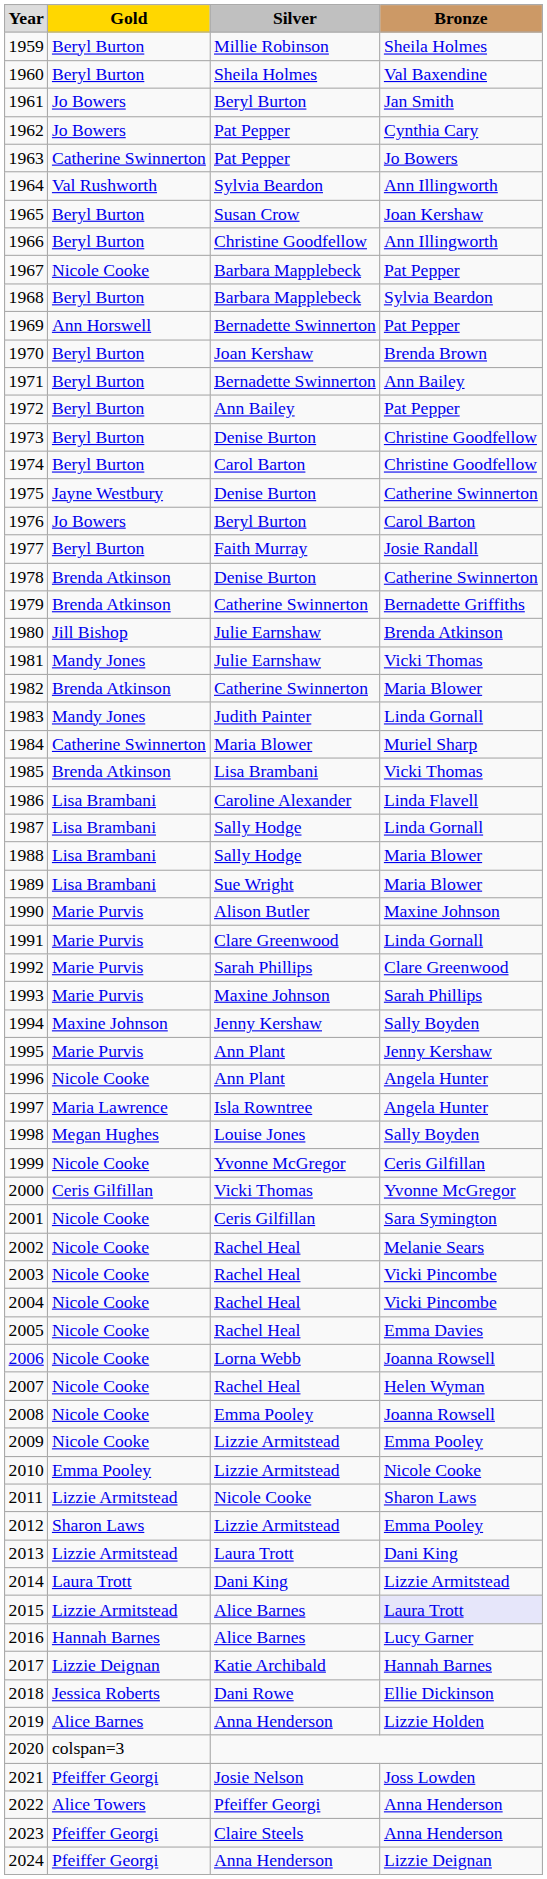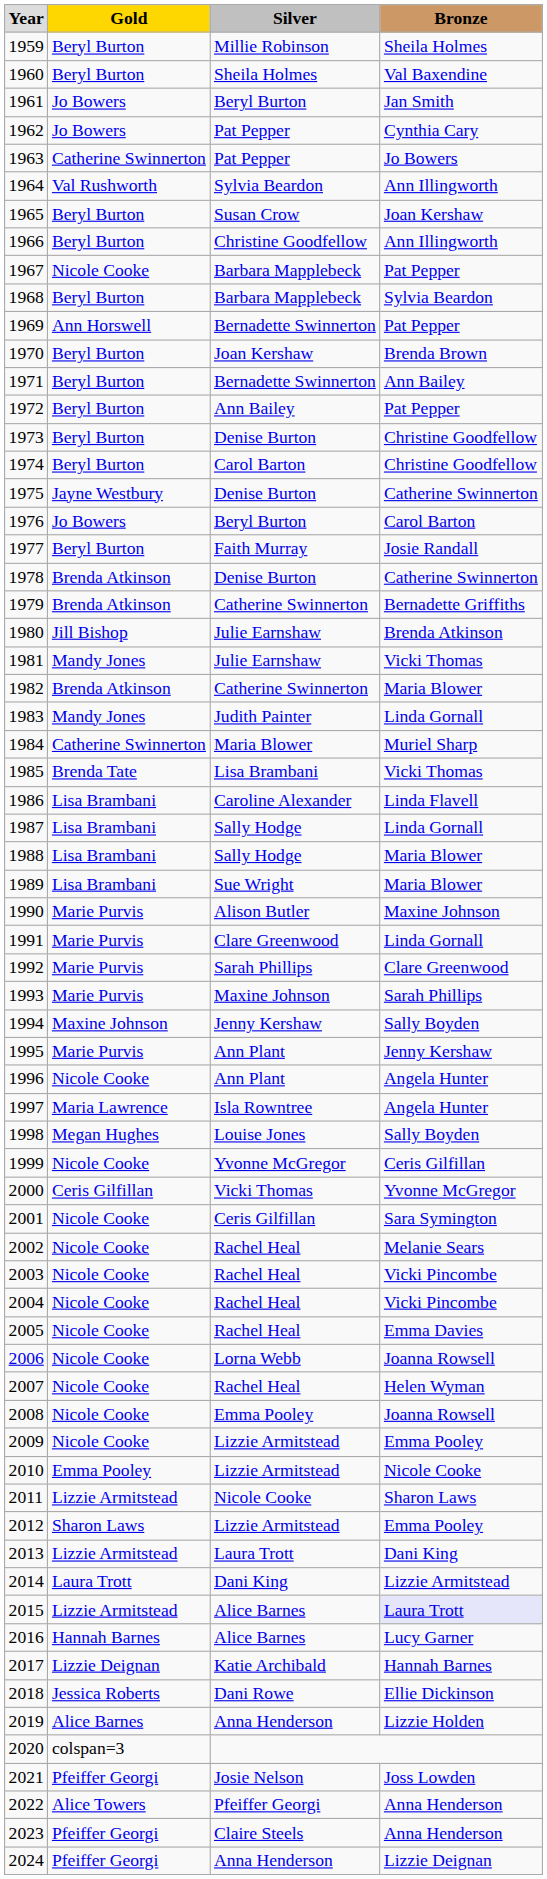 <table class="wikitable" style="text-align:left;">
 <tr style="text-align:center; font-weight:bold;">
 <td style="background:#ddd; ">Year</td>
 <td style="background:gold; ">Gold</td>
 <td style="background:silver; ">Silver</td>
 <td style="background:#c96; ">Bronze</td>
 </tr>
 <tr>
 <td>1959</td>
 <td><a href='#'>Beryl Burton</a></td>
 <td><a href='#'>Millie Robinson</a></td>
 <td><a href='#'>Sheila Holmes</a></td>
 </tr>
 <tr>
 <td>1960</td>
 <td><a href='#'>Beryl Burton</a></td>
 <td><a href='#'>Sheila Holmes</a></td>
 <td><a href='#'>Val Baxendine</a></td>
 </tr>
 <tr>
 <td>1961</td>
 <td><a href='#'>Jo Bowers</a></td>
 <td><a href='#'>Beryl Burton</a></td>
 <td><a href='#'>Jan Smith</a></td>
 </tr>
 <tr>
 <td>1962</td>
 <td><a href='#'>Jo Bowers</a></td>
 <td><a href='#'>Pat Pepper</a></td>
 <td><a href='#'>Cynthia Cary</a></td>
 </tr>
 <tr>
 <td>1963</td>
 <td><a href='#'>Catherine Swinnerton</a></td>
 <td><a href='#'>Pat Pepper</a></td>
 <td><a href='#'>Jo Bowers</a></td>
 </tr>
 <tr>
 <td>1964</td>
 <td><a href='#'>Val Rushworth</a></td>
 <td><a href='#'>Sylvia Beardon</a></td>
 <td><a href='#'>Ann Illingworth</a></td>
 </tr>
 <tr>
 <td>1965</td>
 <td><a href='#'>Beryl Burton</a></td>
 <td><a href='#'>Susan Crow</a></td>
 <td><a href='#'>Joan Kershaw</a></td>
 </tr>
 <tr>
 <td>1966</td>
 <td><a href='#'>Beryl Burton</a></td>
 <td><a href='#'>Christine Goodfellow</a></td>
 <td><a href='#'>Ann Illingworth</a></td>
 </tr>
 <tr>
 <td>1967</td>
 <td><a href='#'>Nicole Cooke</a></td>
 <td><a href='#'>Barbara Mapplebeck</a></td>
 <td><a href='#'>Pat Pepper</a></td>
 </tr>
 <tr>
 <td>1968</td>
 <td><a href='#'>Beryl Burton</a></td>
 <td><a href='#'>Barbara Mapplebeck</a></td>
 <td><a href='#'>Sylvia Beardon</a></td>
 </tr>
 <tr>
 <td>1969</td>
 <td><a href='#'>Ann Horswell</a></td>
 <td><a href='#'>Bernadette Swinnerton</a></td>
 <td><a href='#'>Pat Pepper</a></td>
 </tr>
 <tr>
 <td>1970</td>
 <td><a href='#'>Beryl Burton</a></td>
 <td><a href='#'>Joan Kershaw</a></td>
 <td><a href='#'>Brenda Brown</a></td>
 </tr>
 <tr>
 <td>1971</td>
 <td><a href='#'>Beryl Burton</a></td>
 <td><a href='#'>Bernadette Swinnerton</a></td>
 <td><a href='#'>Ann Bailey</a></td>
 </tr>
 <tr>
 <td>1972</td>
 <td><a href='#'>Beryl Burton</a></td>
 <td><a href='#'>Ann Bailey</a></td>
 <td><a href='#'>Pat Pepper</a></td>
 </tr>
 <tr>
 <td>1973</td>
 <td><a href='#'>Beryl Burton</a></td>
 <td><a href='#'>Denise Burton</a></td>
 <td><a href='#'>Christine Goodfellow</a></td>
 </tr>
 <tr>
 <td>1974</td>
 <td><a href='#'>Beryl Burton</a></td>
 <td><a href='#'>Carol Barton</a></td>
 <td><a href='#'>Christine Goodfellow</a></td>
 </tr>
 <tr>
 <td>1975</td>
 <td><a href='#'>Jayne Westbury</a></td>
 <td><a href='#'>Denise Burton</a></td>
 <td><a href='#'>Catherine Swinnerton</a></td>
 </tr>
 <tr>
 <td>1976</td>
 <td><a href='#'>Jo Bowers</a></td>
 <td><a href='#'>Beryl Burton</a></td>
 <td><a href='#'>Carol Barton</a></td>
 </tr>
 <tr>
 <td>1977</td>
 <td><a href='#'>Beryl Burton</a></td>
 <td><a href='#'>Faith Murray</a></td>
 <td><a href='#'>Josie Randall</a></td>
 </tr>
 <tr>
 <td>1978</td>
 <td><a href='#'>Brenda Atkinson</a></td>
 <td><a href='#'>Denise Burton</a></td>
 <td><a href='#'>Catherine Swinnerton</a></td>
 </tr>
 <tr>
 <td>1979</td>
 <td><a href='#'>Brenda Atkinson</a></td>
 <td><a href='#'>Catherine Swinnerton</a></td>
 <td><a href='#'>Bernadette Griffiths</a></td>
 </tr>
 <tr>
 <td>1980</td>
 <td><a href='#'>Jill Bishop</a></td>
 <td><a href='#'>Julie Earnshaw</a></td>
 <td><a href='#'>Brenda Atkinson</a></td>
 </tr>
 <tr>
 <td>1981</td>
 <td><a href='#'>Mandy Jones</a></td>
 <td><a href='#'>Julie Earnshaw</a></td>
 <td><a href='#'>Vicki Thomas</a></td>
 </tr>
 <tr>
 <td>1982</td>
 <td><a href='#'>Brenda Atkinson</a></td>
 <td><a href='#'>Catherine Swinnerton</a></td>
 <td><a href='#'>Maria Blower</a></td>
 </tr>
 <tr>
 <td>1983</td>
 <td><a href='#'>Mandy Jones</a></td>
 <td><a href='#'>Judith Painter</a></td>
 <td><a href='#'>Linda Gornall</a></td>
 </tr>
 <tr>
 <td>1984</td>
 <td><a href='#'>Catherine Swinnerton</a></td>
 <td><a href='#'>Maria Blower</a></td>
 <td><a href='#'>Muriel Sharp</a></td>
 </tr>
 <tr>
 <td>1985</td>
-<td><a href='#'>Brenda Atkinson</a></td>
+<td><a href='#'>Brenda Tate</a></td>
 <td><a href='#'>Lisa Brambani</a></td>
 <td><a href='#'>Vicki Thomas</a></td>
 </tr>
 <tr>
 <td>1986</td>
 <td><a href='#'>Lisa Brambani</a></td>
 <td><a href='#'>Caroline Alexander</a></td>
 <td><a href='#'>Linda Flavell</a></td>
 </tr>
 <tr>
 <td>1987</td>
 <td><a href='#'>Lisa Brambani</a></td>
 <td><a href='#'>Sally Hodge</a></td>
 <td><a href='#'>Linda Gornall</a></td>
 </tr>
 <tr>
 <td>1988</td>
 <td><a href='#'>Lisa Brambani</a></td>
 <td><a href='#'>Sally Hodge</a></td>
 <td><a href='#'>Maria Blower</a></td>
 </tr>
 <tr>
 <td>1989</td>
 <td><a href='#'>Lisa Brambani</a></td>
 <td><a href='#'>Sue Wright</a></td>
 <td><a href='#'>Maria Blower</a></td>
 </tr>
 <tr>
 <td>1990</td>
 <td><a href='#'>Marie Purvis</a></td>
 <td><a href='#'>Alison Butler</a></td>
 <td><a href='#'>Maxine Johnson</a></td>
 </tr>
 <tr>
 <td>1991</td>
 <td><a href='#'>Marie Purvis</a></td>
 <td><a href='#'>Clare Greenwood</a></td>
 <td><a href='#'>Linda Gornall</a></td>
 </tr>
 <tr>
 <td>1992</td>
 <td><a href='#'>Marie Purvis</a></td>
 <td><a href='#'>Sarah Phillips</a></td>
 <td><a href='#'>Clare Greenwood</a></td>
 </tr>
 <tr>
 <td>1993</td>
 <td><a href='#'>Marie Purvis</a></td>
 <td><a href='#'>Maxine Johnson</a></td>
 <td><a href='#'>Sarah Phillips</a></td>
 </tr>
 <tr>
 <td>1994</td>
 <td><a href='#'>Maxine Johnson</a></td>
 <td><a href='#'>Jenny Kershaw</a></td>
 <td><a href='#'>Sally Boyden</a></td>
 </tr>
 <tr>
 <td>1995</td>
 <td><a href='#'>Marie Purvis</a></td>
 <td><a href='#'>Ann Plant</a></td>
 <td><a href='#'>Jenny Kershaw</a></td>
 </tr>
 <tr>
 <td>1996</td>
 <td><a href='#'>Nicole Cooke</a></td>
 <td><a href='#'>Ann Plant</a></td>
 <td><a href='#'>Angela Hunter</a></td>
 </tr>
 <tr>
 <td>1997</td>
 <td><a href='#'>Maria Lawrence</a></td>
 <td><a href='#'>Isla Rowntree</a></td>
 <td><a href='#'>Angela Hunter</a></td>
 </tr>
 <tr>
 <td>1998</td>
 <td><a href='#'>Megan Hughes</a></td>
 <td><a href='#'>Louise Jones</a></td>
 <td><a href='#'>Sally Boyden</a></td>
 </tr>
 <tr>
 <td>1999</td>
 <td><a href='#'>Nicole Cooke</a></td>
 <td><a href='#'>Yvonne McGregor</a></td>
 <td><a href='#'>Ceris Gilfillan</a></td>
 </tr>
 <tr>
 <td>2000</td>
 <td><a href='#'>Ceris Gilfillan</a></td>
 <td><a href='#'>Vicki Thomas</a></td>
 <td><a href='#'>Yvonne McGregor</a></td>
 </tr>
 <tr>
 <td>2001</td>
 <td><a href='#'>Nicole Cooke</a></td>
 <td><a href='#'>Ceris Gilfillan</a></td>
 <td><a href='#'>Sara Symington</a></td>
 </tr>
 <tr>
 <td>2002</td>
 <td><a href='#'>Nicole Cooke</a></td>
 <td><a href='#'>Rachel Heal</a></td>
 <td><a href='#'>Melanie Sears</a></td>
 </tr>
 <tr>
 <td>2003</td>
 <td><a href='#'>Nicole Cooke</a></td>
 <td><a href='#'>Rachel Heal</a></td>
 <td><a href='#'>Vicki Pincombe</a></td>
 </tr>
 <tr>
 <td>2004</td>
 <td><a href='#'>Nicole Cooke</a></td>
 <td><a href='#'>Rachel Heal</a></td>
 <td><a href='#'>Vicki Pincombe</a></td>
 </tr>
 <tr>
 <td>2005</td>
 <td><a href='#'>Nicole Cooke</a></td>
 <td><a href='#'>Rachel Heal</a></td>
 <td><a href='#'>Emma Davies</a></td>
 </tr>
 <tr>
 <td><a href='#'>2006</a></td>
 <td><a href='#'>Nicole Cooke</a></td>
 <td><a href='#'>Lorna Webb</a></td>
 <td><a href='#'>Joanna Rowsell</a></td>
 </tr>
 <tr>
 <td>2007</td>
 <td><a href='#'>Nicole Cooke</a></td>
 <td><a href='#'>Rachel Heal</a></td>
 <td><a href='#'>Helen Wyman</a></td>
 </tr>
 <tr>
 <td>2008</td>
 <td><a href='#'>Nicole Cooke</a></td>
 <td><a href='#'>Emma Pooley</a></td>
 <td><a href='#'>Joanna Rowsell</a></td>
 </tr>
 <tr>
 <td>2009</td>
 <td><a href='#'>Nicole Cooke</a></td>
 <td><a href='#'>Lizzie Armitstead</a></td>
 <td><a href='#'>Emma Pooley</a></td>
 </tr>
 <tr>
 <td>2010</td>
 <td><a href='#'>Emma Pooley</a></td>
 <td><a href='#'>Lizzie Armitstead</a></td>
 <td><a href='#'>Nicole Cooke</a></td>
 </tr>
 <tr>
 <td>2011</td>
 <td><a href='#'>Lizzie Armitstead</a></td>
 <td><a href='#'>Nicole Cooke</a></td>
 <td><a href='#'>Sharon Laws</a></td>
 </tr>
 <tr>
 <td>2012</td>
 <td><a href='#'>Sharon Laws</a></td>
 <td><a href='#'>Lizzie Armitstead</a></td>
 <td><a href='#'>Emma Pooley</a></td>
 </tr>
 <tr>
 <td>2013</td>
 <td><a href='#'>Lizzie Armitstead</a></td>
 <td><a href='#'>Laura Trott</a></td>
 <td><a href='#'>Dani King</a></td>
 </tr>
 <tr>
 <td>2014</td>
 <td><a href='#'>Laura Trott</a></td>
 <td><a href='#'>Dani King</a></td>
 <td><a href='#'>Lizzie Armitstead</a></td>
 </tr>
 <tr>
 <td>2015</td>
 <td><a href='#'>Lizzie Armitstead</a></td>
 <td><a href='#'>Alice Barnes</a></td>
 <td style="background: lavender;"><a href='#'>Laura Trott</a></td>
 </tr>
 <tr>
 <td>2016</td>
 <td><a href='#'>Hannah Barnes</a></td>
 <td><a href='#'>Alice Barnes</a></td>
 <td><a href='#'>Lucy Garner</a></td>
 </tr>
 <tr>
 <td>2017</td>
 <td><a href='#'>Lizzie Deignan</a></td>
 <td><a href='#'>Katie Archibald</a></td>
 <td><a href='#'>Hannah Barnes</a></td>
 </tr>
 <tr>
 <td>2018</td>
 <td><a href='#'>Jessica Roberts</a></td>
 <td><a href='#'>Dani Rowe</a></td>
 <td><a href='#'>Ellie Dickinson</a></td>
 </tr>
 <tr>
 <td>2019</td>
 <td><a href='#'>Alice Barnes</a></td>
 <td><a href='#'>Anna Henderson</a></td>
 <td><a href='#'>Lizzie Holden</a></td>
 </tr>
 <tr>
 <td>2020</td>
 <td>colspan=3 </td>
 </tr>
 <tr>
 <td>2021</td>
 <td><a href='#'>Pfeiffer Georgi</a></td>
 <td><a href='#'>Josie Nelson</a></td>
 <td><a href='#'>Joss Lowden</a></td>
 </tr>
 <tr>
 <td>2022</td>
 <td><a href='#'>Alice Towers</a></td>
 <td><a href='#'>Pfeiffer Georgi</a></td>
 <td><a href='#'>Anna Henderson</a></td>
 </tr>
 <tr>
 <td>2023</td>
 <td><a href='#'>Pfeiffer Georgi</a></td>
 <td><a href='#'>Claire Steels</a></td>
 <td><a href='#'>Anna Henderson</a></td>
 </tr>
 <tr>
 <td>2024</td>
 <td><a href='#'>Pfeiffer Georgi</a></td>
 <td><a href='#'>Anna Henderson</a></td>
 <td><a href='#'>Lizzie Deignan</a></td>
 </tr>
 </table>
